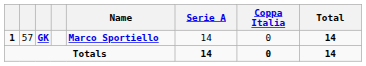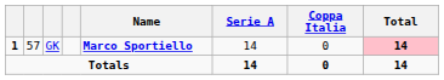 <table class="wikitable" style="text-align:center">
 <tr>
 <th width=15></th>
 <th width=15></th>
 <th width=15></th>
 <th width=15></th>
 <th width=145>Name</th>
 <th width=80><a href='#'>Serie A</a></th>
 <th width=80><a href='#'>Coppa Italia</a></th>
 <th width=80>Total</th>
 </tr>
 <tr>
 <td><strong>1</strong></td>
 <td>57</td>
-<td><strong><a href='#'>GK</a></strong></td>
+<td><a href='#'>GK</a></td>
 <td></td>
 <td align=left><strong><a href='#'>Marco Sportiello</a></strong></td>
 <td>14</td>
 <td>0</td>
-<td><strong>14</strong></td>
+<td style="background: pink;"><strong>14</strong></td>
 </tr>
 <tr>
 <td colspan=5><strong>Totals</strong></td>
 <td><strong>14</strong></td>
 <td><strong>0</strong></td>
 <td><strong>14</strong></td>
 </tr>
 </table>
